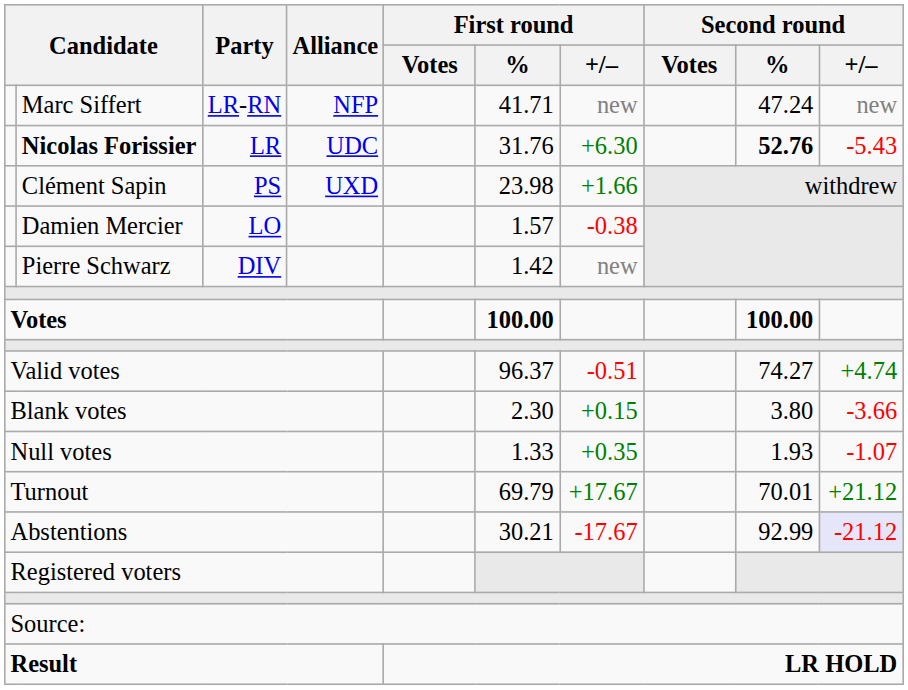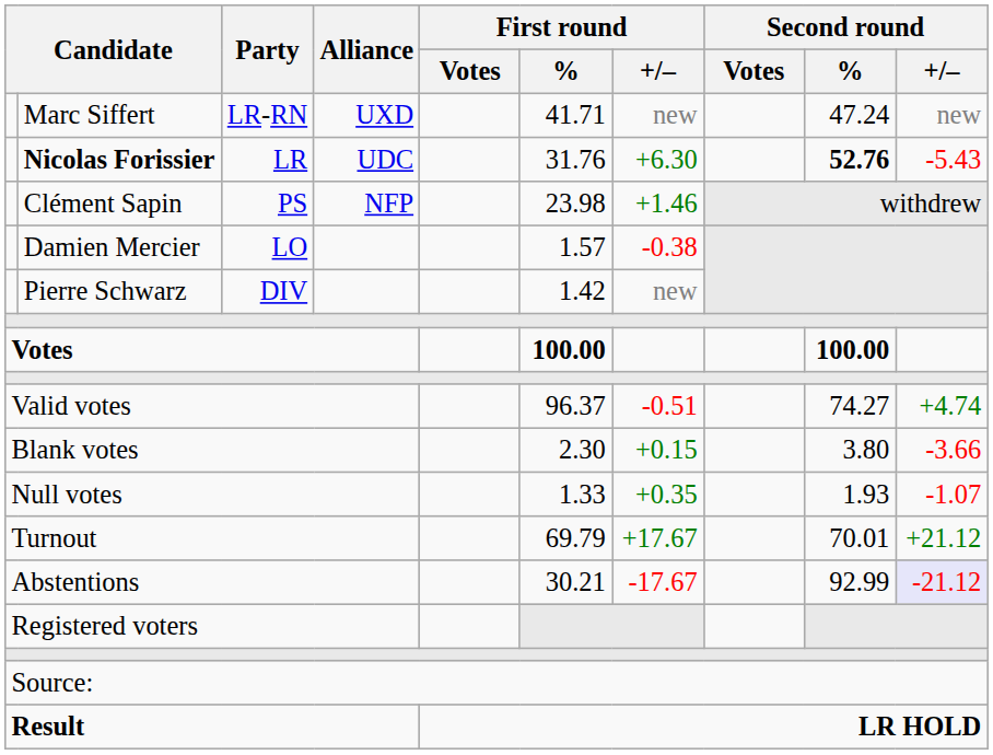 <table class="wikitable" style="text-align:right;font-size:95%;">
 <tr>
 <th rowspan="2" colspan="2">Candidate</th>
 <th colspan="1" rowspan="2">Party</th>
 <th colspan="1" rowspan="2">Alliance</th>
 <th colspan="3">First round</th>
 <th colspan="3">Second round</th>
 </tr>
 <tr>
 <th style="width:50px;">Votes</th>
 <th style="width:45px;">%</th>
 <th style="width:45px;">+/–</th>
 <th style="width:50px;">Votes</th>
 <th style="width:45px;">%</th>
 <th style="width:45px;">+/–</th>
 </tr>
 <tr>
 <td style="color:inherit;background:"></td>
 <td style="text-align:left;">Marc Siffert</td>
 <td><a href='#'>LR</a>-<a href='#'>RN</a></td>
-<td><a href='#'>NFP</a></td>
+<td><a href='#'>UXD</a></td>
 <td></td>
 <td>41.71</td>
 <td style="color:grey;">new</td>
 <td></td>
 <td>47.24</td>
 <td style="color:grey;">new</td>
 </tr>
 <tr>
 <td style="color:inherit;background:"></td>
 <td style="text-align:left;"><strong>Nicolas Forissier</strong></td>
 <td><a href='#'>LR</a></td>
 <td><a href='#'>UDC</a></td>
 <td></td>
 <td>31.76</td>
 <td style="color:green;">+6.30</td>
 <td><strong></strong></td>
 <td><strong>52.76</strong></td>
 <td style="color:red;">-5.43</td>
 </tr>
 <tr>
 <td style="color:inherit;background:"></td>
 <td style="text-align:left;">Clément Sapin</td>
 <td><a href='#'>PS</a></td>
-<td><a href='#'>UXD</a></td>
+<td><a href='#'>NFP</a></td>
 <td></td>
 <td>23.98</td>
-<td style="color:green;">+1.66</td>
+<td style="color:green;">+1.46</td>
 <td colspan="3" style="background:#E9E9E9;">withdrew</td>
 </tr>
 <tr>
 <td style="color:inherit;background:"></td>
 <td style="text-align:left;">Damien Mercier</td>
 <td><a href='#'>LO</a></td>
 <td></td>
 <td></td>
 <td>1.57</td>
 <td style="color:red;">-0.38</td>
 <td colspan="3" rowspan="2" style="background:#E9E9E9;"></td>
 </tr>
 <tr>
 <td style="color:inherit;background:"></td>
 <td style="text-align:left;">Pierre Schwarz</td>
 <td><a href='#'>DIV</a></td>
 <td></td>
 <td></td>
 <td>1.42</td>
 <td style="color:grey;">new</td>
 </tr>
 <tr>
 <td colspan="10" style="background:#E9E9E9;"></td>
 </tr>
 <tr style="font-weight:bold;">
 <td colspan="4" style="text-align:left;">Votes</td>
 <td></td>
 <td>100.00</td>
 <td></td>
 <td></td>
 <td>100.00</td>
 <td></td>
 </tr>
 <tr>
 <td colspan="10" style="background:#E9E9E9;"></td>
 </tr>
 <tr>
 <td colspan="4" style="text-align:left;">Valid votes</td>
 <td></td>
 <td>96.37</td>
 <td style="color:red;">-0.51</td>
 <td></td>
 <td>74.27</td>
 <td style="color:green;">+4.74</td>
 </tr>
 <tr>
 <td colspan="4" style="text-align:left;">Blank votes</td>
 <td></td>
 <td>2.30</td>
 <td style="color:green;">+0.15</td>
 <td></td>
 <td>3.80</td>
 <td style="color:red;">-3.66</td>
 </tr>
 <tr>
 <td colspan="4" style="text-align:left;">Null votes</td>
 <td></td>
 <td>1.33</td>
 <td style="color:green;">+0.35</td>
 <td></td>
 <td>1.93</td>
 <td style="color:red;">-1.07</td>
 </tr>
 <tr>
 <td colspan="4" style="text-align:left;">Turnout</td>
 <td></td>
 <td>69.79</td>
 <td style="color:green;">+17.67</td>
 <td></td>
 <td>70.01</td>
 <td style="color:green;">+21.12</td>
 </tr>
 <tr>
 <td colspan="4" style="text-align:left;">Abstentions</td>
 <td></td>
 <td>30.21</td>
 <td style="color:red;">-17.67</td>
 <td></td>
 <td>92.99</td>
 <td style="background: lavender; color:red;">-21.12</td>
 </tr>
 <tr>
 <td colspan="4" style="text-align:left;">Registered voters</td>
 <td></td>
 <td colspan="2" style="background:#E9E9E9;"></td>
 <td></td>
 <td colspan="2" style="background:#E9E9E9;"></td>
 </tr>
 <tr>
 <td colspan="10" style="background:#E9E9E9;"></td>
 </tr>
 <tr>
 <td colspan="10" style="text-align:left;">Source: </td>
 </tr>
 <tr style="font-weight:bold">
 <td colspan="4" style="text-align:left;">Result</td>
 <td colspan="6" style="background-color:">LR HOLD</td>
 </tr>
 </table>
